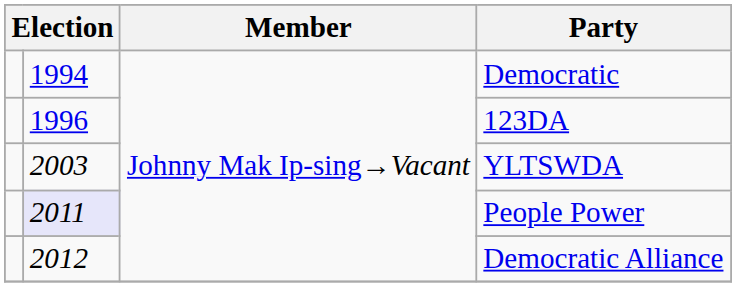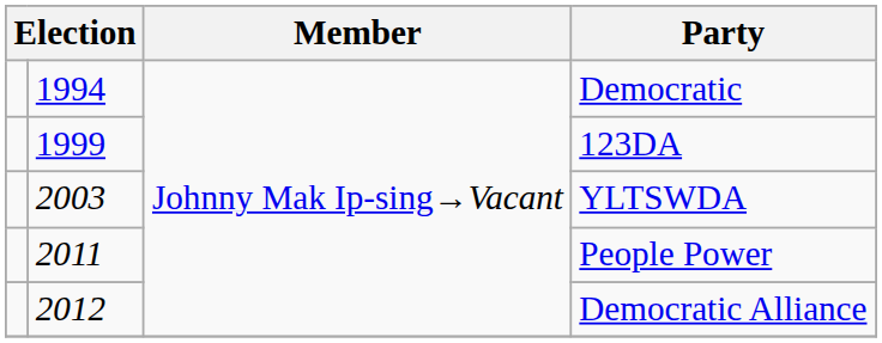 <table class="wikitable">
 <tr>
 <th colspan="2">Election</th>
 <th>Member</th>
 <th>Party</th>
 </tr>
 <tr>
 <td style="background-color: "></td>
 <td><a href='#'>1994</a></td>
 <td rowspan=5><a href='#'>Johnny Mak Ip-sing</a>→<em>Vacant</em></td>
 <td><a href='#'>Democratic</a></td>
 </tr>
 <tr>
 <td style="background-color: "></td>
-<td><a href='#'>1996</a></td>
+<td><a href='#'>1999</a></td>
 <td><a href='#'>123DA</a></td>
 </tr>
 <tr>
 <td style="background-color: "></td>
 <td><em>2003</em></td>
 <td><a href='#'>YLTSWDA</a></td>
 </tr>
 <tr>
 <td style="background-color: "></td>
-<td style="background: lavender;"><em>2011</em></td>
+<td><em>2011</em></td>
 <td><a href='#'>People Power</a></td>
 </tr>
 <tr>
 <td style="background-color: "></td>
 <td><em>2012</em></td>
 <td><a href='#'>Democratic Alliance</a></td>
 </tr>
 <tr>
 </tr>
 </table>
